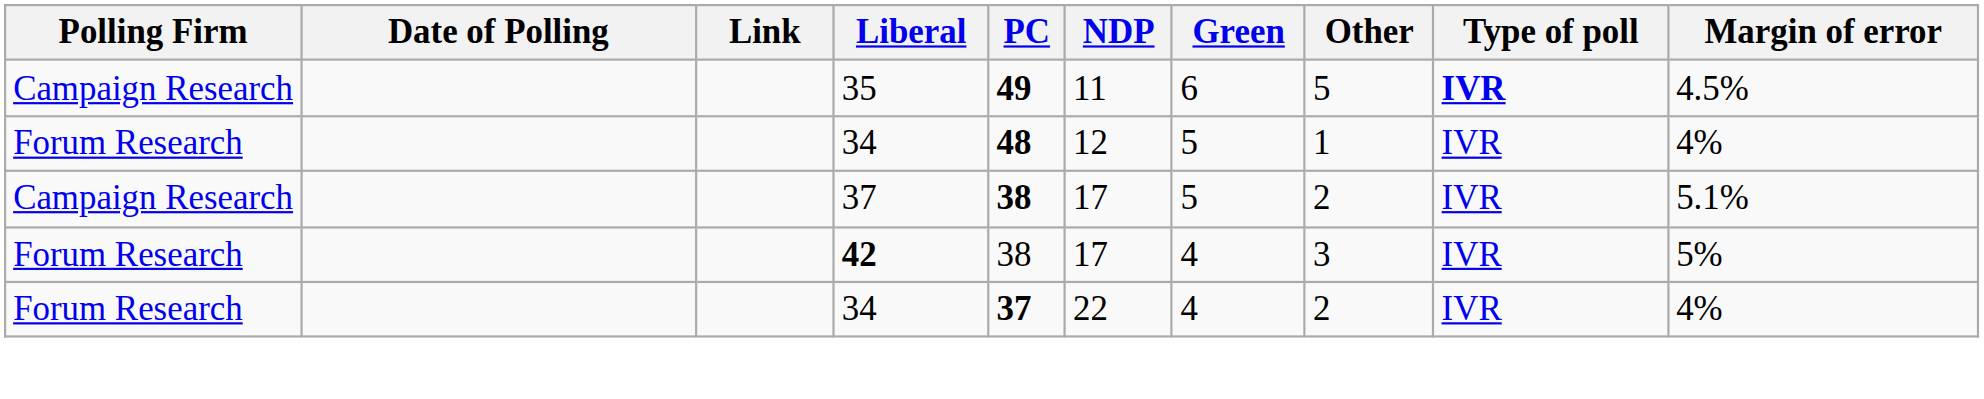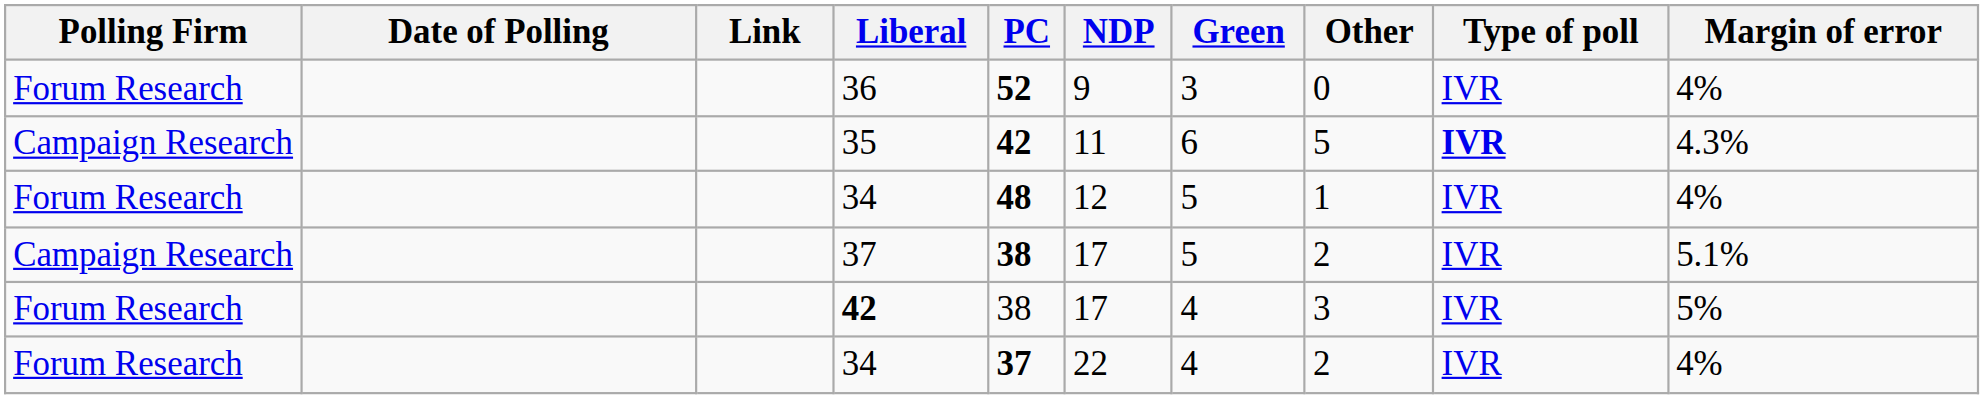 <table class="wikitable sortable">
 <tr style="background-color:#E9E9E9">
 <th width=15%>Polling Firm</th>
 <th width=20%>Date of Polling</th>
 <th width=7% class=unsortable>Link</th>
 <th style="background-color:"><strong><a href='#'>Liberal</a></strong></th>
 <th style="background-color:"><strong><a href='#'>PC</a></strong></th>
 <th style="background-color:"><strong><a href='#'>NDP</a></strong></th>
 <th style="background-color:"><strong><a href='#'>Green</a></strong></th>
 <th style="background-color:"><strong>Other</strong></th>
 <th class=unsortable>Type of poll</th>
 <th class=unsortable>Margin of error</th>
 </tr>
 <tr>
+<td><a href='#'>Forum Research</a></td>
+<td></td>
+<td></td>
+<td>36</td>
+<td><strong>52</strong></td>
+<td>9</td>
+<td>3</td>
+<td>0</td>
+<td><a href='#'>IVR</a></td>
+<td>4%</td>
+</tr>
+<tr>
 <td><a href='#'>Campaign Research</a></td>
 <td></td>
 <td></td>
 <td>35</td>
-<td><strong>49</strong></td>
+<td><strong>42</strong></td>
 <td>11</td>
 <td>6</td>
 <td>5</td>
 <td><strong><a href='#'>IVR</a></strong></td>
-<td>4.5%</td>
+<td>4.3%</td>
 </tr>
 <tr>
 <td><a href='#'>Forum Research</a></td>
 <td></td>
 <td></td>
 <td>34</td>
 <td><strong>48</strong></td>
 <td>12</td>
 <td>5</td>
 <td>1</td>
 <td><a href='#'>IVR</a></td>
 <td>4%</td>
 </tr>
 <tr>
 <td><a href='#'>Campaign Research</a></td>
 <td></td>
 <td></td>
 <td>37</td>
 <td><strong>38</strong></td>
 <td>17</td>
 <td>5</td>
 <td>2</td>
 <td><a href='#'>IVR</a></td>
 <td>5.1%</td>
 </tr>
 <tr>
 <td><a href='#'>Forum Research</a></td>
 <td></td>
 <td></td>
 <td><strong>42</strong></td>
 <td>38</td>
 <td>17</td>
 <td>4</td>
 <td>3</td>
 <td><a href='#'>IVR</a></td>
 <td>5%</td>
 </tr>
 <tr>
 <td><a href='#'>Forum Research</a></td>
 <td></td>
 <td></td>
 <td>34</td>
 <td><strong>37</strong></td>
 <td>22</td>
 <td>4</td>
 <td>2</td>
 <td><a href='#'>IVR</a></td>
 <td>4%</td>
 </tr>
 </table>
